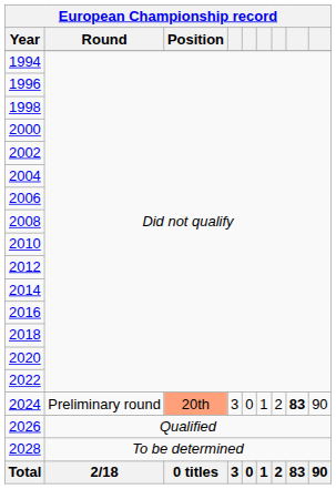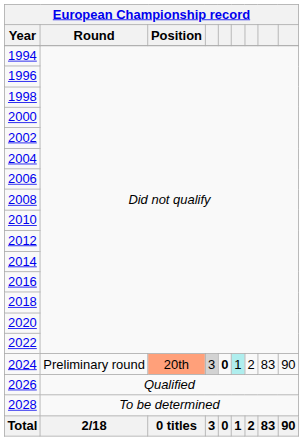 <table class="wikitable" style="text-align: center;">
 <tr>
 <th colspan=9><a href='#'>European Championship record</a></th>
 </tr>
 <tr>
 <th>Year</th>
 <th>Round</th>
 <th>Position</th>
 <th></th>
 <th></th>
 <th></th>
 <th></th>
 <th></th>
 <th></th>
 </tr>
 <tr>
 </tr>
 <tr>
 <td> <a href='#'>1994</a></td>
 <td colspan="8" rowspan="15"><em>Did not qualify</em></td>
 </tr>
 <tr>
 <td> <a href='#'>1996</a></td>
 </tr>
 <tr>
 <td> <a href='#'>1998</a></td>
 </tr>
 <tr>
 <td> <a href='#'>2000</a></td>
 </tr>
 <tr>
 <td> <a href='#'>2002</a></td>
 </tr>
 <tr>
 <td> <a href='#'>2004</a></td>
 </tr>
 <tr>
 <td> <a href='#'>2006</a></td>
 </tr>
 <tr>
 <td> <a href='#'>2008</a></td>
 </tr>
 <tr>
 <td> <a href='#'>2010</a></td>
 </tr>
 <tr>
 <td> <a href='#'>2012</a></td>
 </tr>
 <tr>
 <td> <a href='#'>2014</a></td>
 </tr>
 <tr>
 <td> <a href='#'>2016</a></td>
 </tr>
 <tr>
 <td> <a href='#'>2018</a></td>
 </tr>
 <tr>
 <td> <a href='#'>2020</a></td>
 </tr>
 <tr>
 <td> <a href='#'>2022</a></td>
 </tr>
 <tr>
 <td> <a href='#'>2024</a></td>
 <td>Preliminary round</td>
 <td style="background: lightsalmon;">20th</td>
-<td>3</td>
-<td>0</td>
-<td>1</td>
+<td style="background: lightgrey;">3</td>
+<td><strong>0</strong></td>
+<td style="background: paleturquoise;">1</td>
 <td>2</td>
-<td><strong>83</strong></td>
+<td>83</td>
 <td>90</td>
 </tr>
 <tr>
 <td> <a href='#'>2026</a></td>
 <td colspan="8"><em>Qualified</em></td>
 </tr>
 <tr>
 <td> <a href='#'>2028</a></td>
 <td colspan="8"><em>To be determined</em></td>
 </tr>
 <tr>
 <th>Total</th>
 <th>2/18</th>
 <th>0 titles</th>
 <th>3</th>
 <th>0</th>
 <th>1</th>
 <th>2</th>
 <th>83</th>
 <th>90</th>
 </tr>
 </table>
